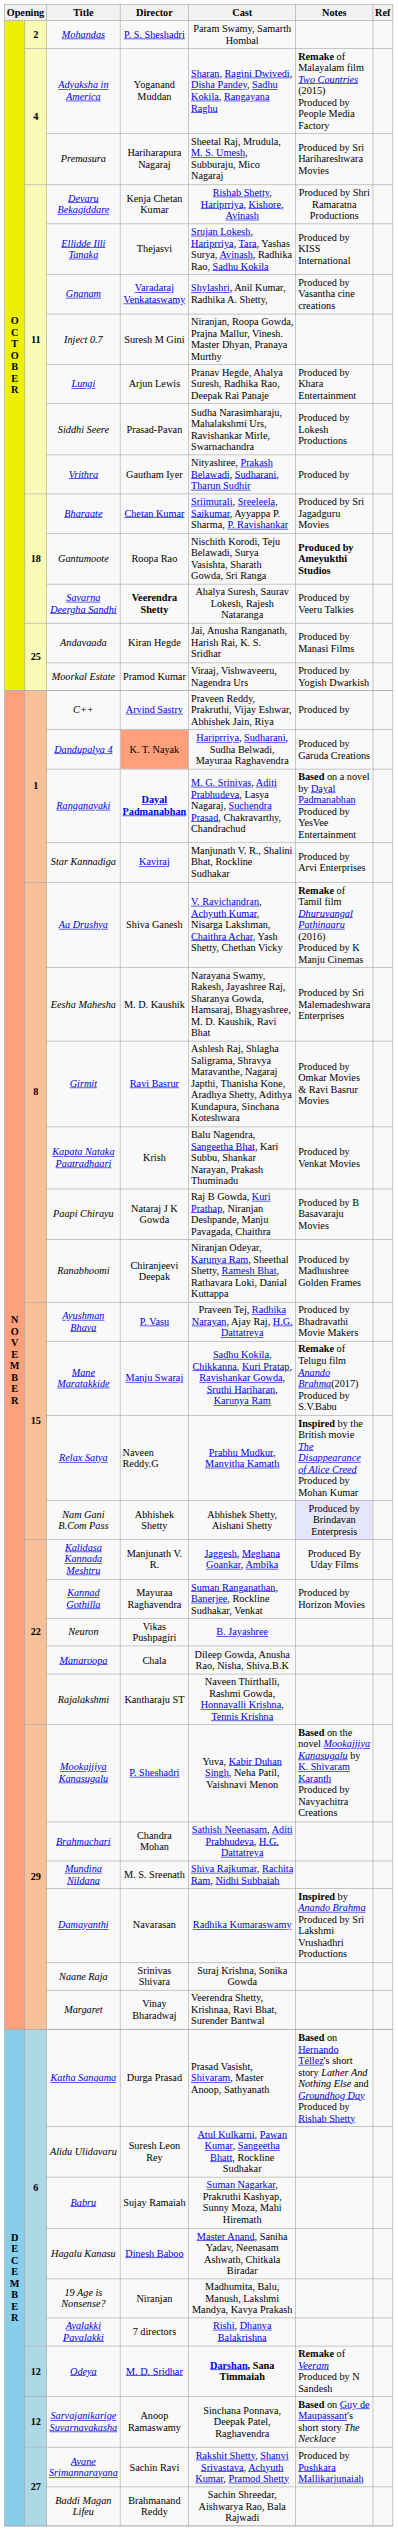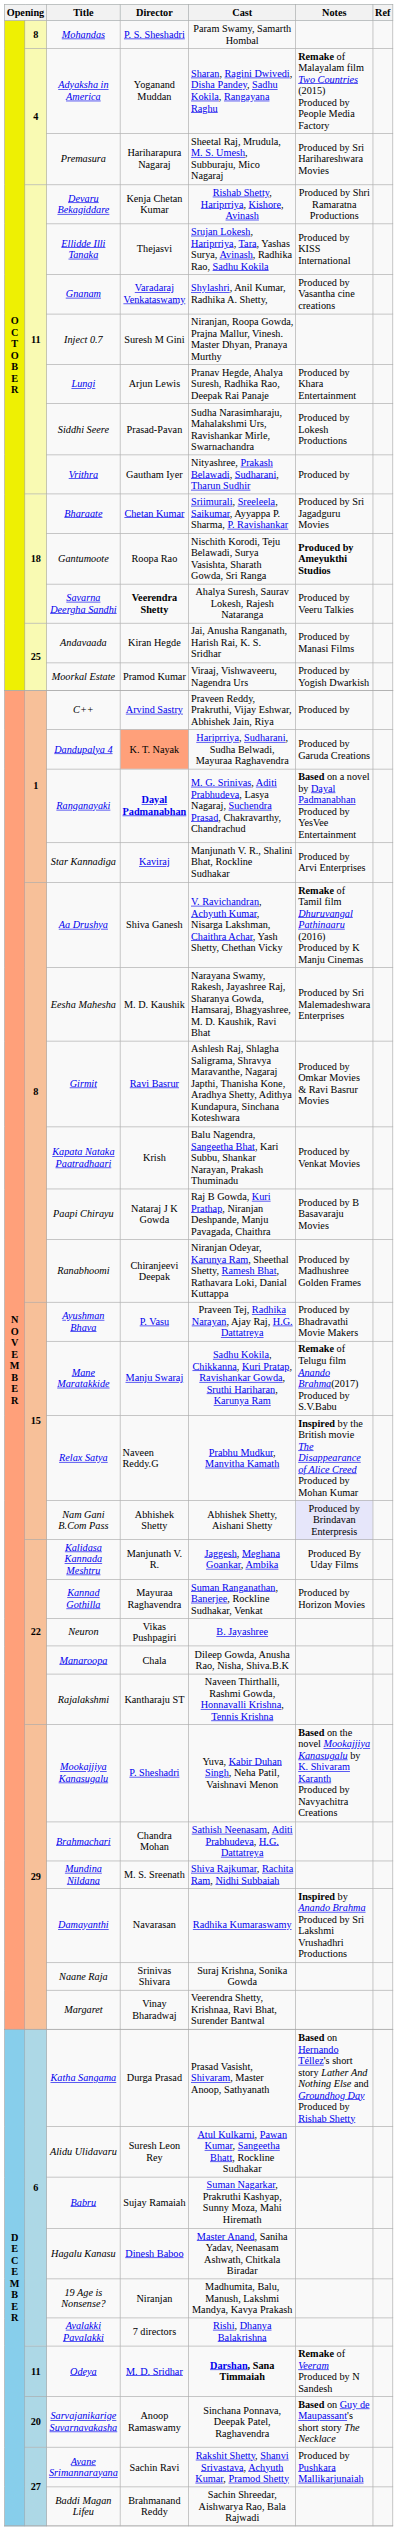 <table class="wikitable sortable">
 <tr style="background:#b0e0e6; text-align:center;">
 <th colspan="2" style="width:6%;"><strong>Opening</strong></th>
 <th style="width:18%;"><strong>Title</strong></th>
 <th style="width:10%;"><strong>Director</strong></th>
 <th style="width:30%;"><strong>Cast</strong></th>
 <th>Notes</th>
 <th>Ref</th>
 </tr>
 <tr October!>
 <td rowspan="15" style="text-align:center; background:#eef003; textcolor:#000;"><strong>O<br>C<br>T<br>O<br>B<br>E<br>R</strong></td>
-<td style="text-align:center; textcolor:#000;background:#f9fab3;"><strong>2</strong></td>
+<td style="text-align:center; textcolor:#000;background:#f9fab3;"><strong>8</strong></td>
 <td align="center"><em><a href='#'>Mohandas</a></em></td>
 <td align="center"><a href='#'>P. S. Sheshadri</a></td>
 <td align="center">Param Swamy, Samarth Hombal</td>
 <td></td>
 <td></td>
 </tr>
 <tr>
 <td rowspan="2" style="text-align:center; textcolor:#000;background:#f9fab3;"><strong>4</strong></td>
 <td align="center"><em><a href='#'>Adyaksha in America</a></em></td>
 <td align="center">Yoganand Muddan</td>
 <td><a href='#'>Sharan</a>, <a href='#'>Ragini Dwivedi</a>, <a href='#'>Disha Pandey</a>, <a href='#'>Sadhu Kokila</a>, <a href='#'>Rangayana Raghu</a></td>
 <td><strong>Remake</strong> of Malayalam film <em><a href='#'>Two Countries</a></em> (2015) <br> Produced by People Media Factory</td>
 <td align="center"></td>
 </tr>
 <tr>
 <td align="center"><em>Premasura</em></td>
 <td align="center">Hariharapura Nagaraj</td>
 <td>Sheetal Raj, Mrudula, <a href='#'>M. S. Umesh</a>, Subburaju, Mico Nagaraj</td>
 <td>Produced by Sri Harihareshwara Movies</td>
 <td align="center"></td>
 </tr>
 <tr>
 <td rowspan="7" style="text-align:center; textcolor:#000;background:#f9fab3;"><strong>11</strong></td>
 <td align="center"><em><a href='#'>Devaru Bekagiddare</a></em></td>
 <td align="center">Kenja Chetan Kumar</td>
 <td align="center"><a href='#'>Rishab Shetty</a>, <a href='#'>Hariprriya</a>, <a href='#'>Kishore</a>, <a href='#'>Avinash</a></td>
 <td align="center">Produced by Shri Ramaratna Productions</td>
 <td align="center"></td>
 </tr>
 <tr>
 <td align="center"><em><a href='#'>Ellidde Illi Tanaka</a></em></td>
 <td align="center">Thejasvi</td>
 <td><a href='#'>Srujan Lokesh</a>, <a href='#'>Hariprriya</a>, <a href='#'>Tara</a>, Yashas Surya, <a href='#'>Avinash</a>, Radhika Rao, <a href='#'>Sadhu Kokila</a></td>
 <td>Produced by KISS International</td>
 <td align="center"></td>
 </tr>
 <tr>
 <td align="center"><a href='#'><em>Gnanam</em></a></td>
 <td align="center"><a href='#'>Varadaraj Venkataswamy</a></td>
 <td><a href='#'>Shylashri</a>, Anil Kumar, Radhika A. Shetty,</td>
 <td>Produced by Vasantha cine creations</td>
 <td align="center"></td>
 </tr>
 <tr>
 <td align="center"><em>Inject 0.7</em></td>
 <td align="center">Suresh M Gini</td>
 <td>Niranjan, Roopa Gowda, Prajna Mallur, Vinesh. Master Dhyan, Pranaya Murthy</td>
 <td></td>
 <td align="center"></td>
 </tr>
 <tr>
 <td align="center"><a href='#'><em>Lungi</em></a></td>
 <td align="center">Arjun Lewis</td>
 <td>Pranav Hegde, Ahalya Suresh, Radhika Rao, Deepak Rai Panaje</td>
 <td>Produced by Khara Entertainment</td>
 <td align="center"></td>
 </tr>
 <tr>
 <td align="center"><em>Siddhi Seere</em></td>
 <td align="center">Prasad-Pavan</td>
 <td>Sudha Narasimharaju, Mahalakshmi Urs, Ravishankar Mirle, Swarnachandra</td>
 <td>Produced by Lokesh Productions</td>
 <td align="center"></td>
 </tr>
 <tr>
 <td align="center"><em><a href='#'>Vrithra</a></em></td>
 <td align="center">Gautham Iyer</td>
 <td>Nityashree, <a href='#'>Prakash Belawadi</a>, <a href='#'>Sudharani</a>, <a href='#'>Tharun Sudhir</a></td>
 <td>Produced by</td>
 <td align="center"></td>
 </tr>
 <tr>
 <td rowspan="3" style="text-align:center; textcolor:#000;background:#f9fab3;"><strong>18</strong></td>
 <td align="center"><em><a href='#'>Bharaate</a></em></td>
 <td align="center"><a href='#'>Chetan Kumar</a></td>
 <td><a href='#'>Sriimurali</a>, <a href='#'>Sreeleela</a>, <a href='#'>Saikumar</a>, Ayyappa P. Sharma, <a href='#'>P. Ravishankar</a></td>
 <td>Produced by Sri Jagadguru Movies</td>
 <td align="center"></td>
 </tr>
 <tr>
 <td align="center"><em>Gantumoote</em></td>
 <td align="center">Roopa Rao</td>
 <td>Nischith Korodi, Teju Belawadi, Surya Vasishta, Sharath Gowda, Sri Ranga</td>
 <td><strong>Produced by Ameyukthi Studios</strong></td>
 <td align="center"></td>
 </tr>
 <tr>
 <td align="center"><em><a href='#'>Savarna Deergha Sandhi</a></em></td>
 <td align="center"><strong>Veerendra Shetty</strong></td>
 <td align="center">Ahalya Suresh, Saurav Lokesh, Rajesh Nataranga</td>
 <td>Produced by Veeru Talkies</td>
 <td align="center"></td>
 </tr>
 <tr>
 <td rowspan="2" style="text-align:center; textcolor:#000;background:#f9fab3;"><strong>25</strong></td>
 <td align="center"><em>Andavaada</em></td>
 <td align="center">Kiran Hegde</td>
 <td>Jai, Anusha Ranganath, Harish Rai, K. S. Sridhar</td>
 <td>Produced by Manasi Films</td>
 <td align="center"></td>
 </tr>
 <tr>
 <td align="center"><em>Moorkal Estate</em></td>
 <td align="center">Pramod Kumar</td>
 <td>Viraaj, Vishwaveeru, Nagendra Urs</td>
 <td>Produced by Yogish Dwarkish</td>
 <td align="center"></td>
 </tr>
 <tr>
 </tr>
 <tr November!>
 <td rowspan="25" style="text-align:center; background:#ffa07a; textcolor:#000;"><strong>N<br>O<br>V<br>E<br>M<br>B<br>E<br>R</strong></td>
 <td rowspan="4" style="text-align:center; textcolor:#000;background:#F7C099;"><strong>1</strong></td>
 <td align="center"><em>C++</em></td>
 <td align="center"><a href='#'>Arvind Sastry</a></td>
 <td>Praveen Reddy, Prakruthi, Vijay Eshwar, Abhishek Jain, Riya</td>
 <td>Produced by</td>
 <td align="center"></td>
 </tr>
 <tr>
 <td align="center"><em><a href='#'>Dandupalya 4</a></em></td>
 <td align="center" style="background: lightsalmon;">K. T. Nayak</td>
 <td align="center"><a href='#'>Hariprriya</a>, <a href='#'>Sudharani</a>, Sudha Belwadi, Mayuraa Raghavendra</td>
 <td>Produced by Garuda Creations</td>
 <td align="center"></td>
 </tr>
 <tr>
 <td align="center"><em><a href='#'>Ranganayaki</a></em></td>
 <td align="center"><strong><a href='#'>Dayal Padmanabhan</a></strong></td>
 <td><a href='#'>M. G. Srinivas</a>, <a href='#'>Aditi Prabhudeva</a>, Lasya Nagaraj, <a href='#'>Suchendra Prasad</a>, Chakravarthy, Chandrachud</td>
 <td><strong>Based</strong> on a novel by <a href='#'>Dayal Padmanabhan</a><br>Produced by YesVee Entertainment</td>
 <td align="center"></td>
 </tr>
 <tr>
 <td align="center"><em>Star Kannadiga</em></td>
 <td align="center"><a href='#'>Kaviraj</a></td>
 <td>Manjunath V. R., Shalini Bhat, Rockline Sudhakar</td>
 <td>Produced by Arvi Enterprises</td>
 <td align="center"></td>
 </tr>
 <tr>
 <td rowspan="6" style="text-align:center; textcolor:#000;background:#F7C099;"><strong>8</strong></td>
 <td align="center"><em><a href='#'>Aa Drushya</a></em></td>
 <td align="center">Shiva Ganesh</td>
 <td><a href='#'>V. Ravichandran</a>, <a href='#'>Achyuth Kumar</a>, Nisarga Lakshman, <a href='#'>Chaithra Achar</a>, Yash Shetty, Chethan Vicky</td>
 <td><strong>Remake</strong> of Tamil film <em><a href='#'>Dhuruvangal Pathinaaru</a></em> (2016) <br> Produced by K Manju Cinemas</td>
 <td align="center"></td>
 </tr>
 <tr>
 <td align="center"><em>Eesha Mahesha</em></td>
 <td align="center">M. D. Kaushik</td>
 <td>Narayana Swamy, Rakesh, Jayashree Raj, Sharanya Gowda, Hamsaraj, Bhagyashree, M. D. Kaushik, Ravi Bhat</td>
 <td>Produced by Sri Malemadeshwara Enterprises</td>
 <td align="center"></td>
 </tr>
 <tr>
 <td align="center"><em><a href='#'>Girmit</a></em></td>
 <td align="center"><a href='#'>Ravi Basrur</a></td>
 <td>Ashlesh Raj, Shlagha Saligrama, Shravya Maravanthe, Nagaraj Japthi, Thanisha Kone, Aradhya Shetty, Adithya Kundapura, Sinchana Koteshwara</td>
 <td>Produced by Omkar Movies & Ravi Basrur Movies</td>
 <td align="center"></td>
 </tr>
 <tr>
 <td align="center"><em><a href='#'>Kapata Nataka Paatradhaari</a></em></td>
 <td align="center">Krish</td>
 <td>Balu Nagendra, <a href='#'>Sangeetha Bhat</a>, Kari Subbu, Shankar Narayan, Prakash Thuminadu</td>
 <td>Produced by Venkat Movies</td>
 <td align="center"></td>
 </tr>
 <tr>
 <td align="center"><em>Paapi Chirayu</em></td>
 <td align="center">Nataraj J K Gowda</td>
 <td>Raj B Gowda, <a href='#'>Kuri Prathap</a>, Niranjan Deshpande, Manju Pavagada, Chaithra</td>
 <td>Produced by B Basavaraju Movies</td>
 <td align="center"></td>
 </tr>
 <tr>
 <td align="center"><em>Ranabhoomi</em></td>
 <td align="center">Chiranjeevi Deepak</td>
 <td>Niranjan Odeyar, <a href='#'>Karunya Ram</a>, Sheethal Shetty, <a href='#'>Ramesh Bhat</a>, Rathavara Loki, Danial Kuttappa</td>
 <td>Produced by Madhushree Golden Frames</td>
 <td align="center"></td>
 </tr>
 <tr>
 <td rowspan="4" style="text-align:center; textcolor:#000;background:#F7C099;"><strong>15</strong></td>
 <td align="center"><em><a href='#'>Ayushman Bhava</a></em></td>
 <td align="center"><a href='#'>P. Vasu</a></td>
 <td align="center">Praveen Tej, <a href='#'>Radhika Narayan</a>, Ajay Raj, <a href='#'>H.G. Dattatreya</a></td>
 <td>Produced by Bhadravathi Movie Makers</td>
 <td align="center"></td>
 </tr>
 <tr>
 <td align="center"><em><a href='#'>Mane Maratakkide</a></em></td>
 <td align="center"><a href='#'>Manju Swaraj</a></td>
 <td align="center"><a href='#'>Sadhu Kokila</a>, <a href='#'>Chikkanna</a>, <a href='#'>Kuri Pratap</a>, <a href='#'>Ravishankar Gowda</a>, <a href='#'>Sruthi Hariharan</a>, <a href='#'>Karunya Ram</a></td>
 <td align="left"><strong>Remake</strong> of Telugu film <em><a href='#'>Anando Brahma</a></em>(2017)<br>Produced by S.V.Babu</td>
 <td align="center"></td>
 </tr>
 <tr>
 <td align="center"><em><a href='#'>Relax Satya</a></em></td>
 <td>Naveen Reddy.G</td>
 <td align="center"><a href='#'>Prabhu Mudkur</a>, <a href='#'>Manvitha Kamath</a></td>
 <td align="left"><strong>Inspired</strong> by the British movie <em><a href='#'>The Disappearance of Alice Creed</a></em> <br> Produced by Mohan Kumar</td>
 <td align="center"></td>
 </tr>
 <tr>
 <td align="center"><em>Nam Gani B.Com Pass</em></td>
 <td align="center">Abhishek Shetty</td>
 <td align="center">Abhishek Shetty, Aishani Shetty</td>
 <td align="center" style="background: lavender;">Produced by Brindavan Enterpresis</td>
 <td align="center"></td>
 </tr>
 <tr>
 <td rowspan="5" style="text-align:center; textcolor:#000;background:#F7C099;"><strong>22</strong></td>
 <td align="center"><em><a href='#'>Kalidasa Kannada Meshtru</a></em></td>
 <td align="center">Manjunath V. R.</td>
 <td align="center"><a href='#'>Jaggesh</a>, <a href='#'>Meghana Goankar</a>, <a href='#'>Ambika</a></td>
 <td align="center">Produced By Uday Films</td>
 <td align="center"></td>
 </tr>
 <tr>
 <td align="center"><em><a href='#'>Kannad Gothilla</a></em></td>
 <td align="center">Mayuraa Raghavendra</td>
 <td><a href='#'>Suman Ranganathan</a>, <a href='#'>Banerjee</a>, Rockline Sudhakar, Venkat</td>
 <td>Produced by Horizon Movies</td>
 <td align="center"></td>
 </tr>
 <tr>
 <td align="center"><em>Neuron</em></td>
 <td align="center">Vikas Pushpagiri</td>
 <td align="center"><a href='#'>B. Jayashree</a></td>
 <td></td>
 <td align="center"></td>
 </tr>
 <tr>
 <td align="center"><em><a href='#'>Manaroopa</a></em></td>
 <td align="center">Chala</td>
 <td align="center">Dileep Gowda, Anusha Rao, Nisha, Shiva.B.K</td>
 <td></td>
 <td align="center"></td>
 </tr>
 <tr>
 <td align="center"><em>Rajalakshmi</em></td>
 <td align="center">Kantharaju ST</td>
 <td align="center">Naveen Thirthalli, Rashmi Gowda, <a href='#'>Honnavalli Krishna</a>, <a href='#'>Tennis Krishna</a></td>
 <td></td>
 <td align="center"></td>
 </tr>
 <tr>
 <td rowspan="6" style="text-align:center; textcolor:#000;background:#F7C099;"><strong>29</strong></td>
 <td align="center"><em><a href='#'>Mookajjiya Kanasugalu</a></em></td>
 <td align="center"><a href='#'>P. Sheshadri</a></td>
 <td align="center">Yuva, <a href='#'>Kabir Duhan Singh</a>, Neha Patil, Vaishnavi Menon</td>
 <td align="left"><strong>Based</strong> on the novel <em><a href='#'>Mookajjiya Kanasugalu</a></em> by <a href='#'>K. Shivaram Karanth</a><br>Produced by Navyachitra Creations</td>
 <td align="center"></td>
 </tr>
 <tr>
 <td align="center"><a href='#'><em>Brahmachari</em></a></td>
 <td align="center">Chandra Mohan</td>
 <td align="center"><a href='#'>Sathish Neenasam</a>, <a href='#'>Aditi Prabhudeva</a>, <a href='#'>H.G. Dattatreya</a></td>
 <td></td>
 <td align="center"></td>
 </tr>
 <tr>
 <td align="center"><em><a href='#'>Mundina Nildana</a></em></td>
 <td align="center">M. S. Sreenath</td>
 <td><a href='#'>Shiva Rajkumar</a>, <a href='#'>Rachita Ram</a>, <a href='#'>Nidhi Subbaiah</a></td>
 <td></td>
 <td align="center"></td>
 </tr>
 <tr>
 <td align="center"><em><a href='#'>Damayanthi</a></em></td>
 <td align="center">Navarasan</td>
 <td align="center"><a href='#'>Radhika Kumaraswamy</a></td>
 <td align="left"><strong>Inspired</strong> by <em><a href='#'>Anando Brahma</a></em><br>Produced by Sri Lakshmi Vrushadhri Productions</td>
 <td align="center"></td>
 </tr>
 <tr>
 <td align="center"><em>Naane Raja</em></td>
 <td align="center">Srinivas Shivara</td>
 <td align="center">Suraj Krishna, Sonika Gowda</td>
 <td></td>
 <td align="center"></td>
 </tr>
 <tr>
 <td align="center"><em>Margaret</em></td>
 <td align="center">Vinay Bharadwaj</td>
 <td>Veerendra Shetty, Krishnaa, Ravi Bhat, Surender Bantwal</td>
 <td></td>
 <td align="center"></td>
 </tr>
 <tr>
 </tr>
 <tr December!>
 <td rowspan="10" style="text-align:center; background:skyBlue; textcolor:#000;"><strong>D<br>E<br>C<br>E<br>M<br>B<br>E<br>R</strong></td>
 <td rowspan="6" style="text-align:center; textcolor:#000; background:#ADD8E6;"><strong>6</strong></td>
 <td align="center"><em><a href='#'>Katha Sangama</a></em></td>
 <td align="center">Durga Prasad</td>
 <td>Prasad Vasisht, <a href='#'>Shivaram</a>, Master Anoop, Sathyanath</td>
 <td align="left"><strong>Based</strong> on <a href='#'>Hernando Téllez</a>'s short story <em>Lather And Nothing Else</em> and <em><a href='#'>Groundhog Day</a></em> <br> Produced by <a href='#'>Rishab Shetty</a></td>
 <td align="center"></td>
 </tr>
 <tr>
 <td align="center"><em>Alidu Ulidavaru</em></td>
 <td align="center">Suresh Leon Rey</td>
 <td align="center"><a href='#'>Atul Kulkarni</a>, <a href='#'>Pawan Kumar</a>, <a href='#'>Sangeetha Bhatt</a>, Rockline Sudhakar</td>
 <td></td>
 <td align="center"></td>
 </tr>
 <tr>
 <td align="center"><em><a href='#'>Babru</a></em></td>
 <td align="center">Sujay Ramaiah</td>
 <td align="center"><a href='#'>Suman Nagarkar</a>, Prakruthi Kashyap, Sunny Moza, Mahi Hiremath</td>
 <td></td>
 <td align="center"></td>
 </tr>
 <tr>
 <td align="center"><em>Hagalu Kanasu</em></td>
 <td align="center"><a href='#'>Dinesh Baboo</a></td>
 <td align="center"><a href='#'>Master Anand</a>, Saniha Yadav, Neenasam Ashwath, Chitkala Biradar</td>
 <td></td>
 <td align="center"></td>
 </tr>
 <tr>
 <td align="center"><em>19 Age is Nonsense?</em></td>
 <td align="center">Niranjan</td>
 <td align="center">Madhumita, Balu, Manush, Lakshmi Mandya, Kavya Prakash</td>
 <td></td>
 <td align="center"></td>
 </tr>
 <tr>
 <td align="center"><em><a href='#'>Avalakki Pavalakki</a></em></td>
 <td align="center">7 directors</td>
 <td align="center"><a href='#'>Rishi</a>, <a href='#'>Dhanya Balakrishna</a></td>
 <td></td>
 <td></td>
 </tr>
 <tr>
-<td rowspan="1" style="text-align:center; textcolor:#000; background:#ADD8E6;"><strong>12</strong></td>
+<td rowspan="1" style="text-align:center; textcolor:#000; background:#ADD8E6;"><strong>11</strong></td>
 <td align="center"><em><a href='#'>Odeya</a></em></td>
 <td align="center"><a href='#'>M. D. Sridhar</a></td>
 <td align="center"><strong><a href='#'>Darshan</a>, Sana Timmaiah</strong></td>
 <td align="left"><strong>Remake</strong> of <em><a href='#'>Veeram</a></em> <br> Produced by N Sandesh</td>
 <td align="center"></td>
 </tr>
 <tr>
-<td rowspan="1" style="text-align:center; textcolor:#000; background:#ADD8E6;"><strong>12</strong></td>
+<td rowspan="1" style="text-align:center; textcolor:#000; background:#ADD8E6;"><strong>20</strong></td>
 <td align="center"><em><a href='#'>Sarvajanikarige Suvarnavakasha</a></em></td>
 <td align="center">Anoop Ramaswamy</td>
 <td align="center">Sinchana Ponnava, Deepak Patel, Raghavendra</td>
 <td align="left"><strong>Based</strong> on <a href='#'>Guy de Maupassant</a>'s short story <em>The Necklace</em></td>
 <td align="center"></td>
 </tr>
 <tr>
 <td rowspan="2" style="text-align:center; textcolor:#000; background:#ADD8E6;"><strong>27</strong></td>
 <td align="center"><em><a href='#'>Avane Srimannarayana</a></em></td>
 <td align="center">Sachin Ravi</td>
 <td align="center"><a href='#'>Rakshit Shetty</a>, <a href='#'>Shanvi Srivastava</a>, <a href='#'>Achyuth Kumar</a>, <a href='#'>Pramod Shetty</a></td>
 <td align="left">Produced by <a href='#'>Pushkara Mallikarjunaiah</a></td>
 <td align="center"></td>
 </tr>
 <tr>
 <td align="center"><em>Baddi Magan Lifeu</em></td>
 <td align="center">Brahmanand Reddy</td>
 <td align="center">Sachin Shreedar, Aishwarya Rao, Bala Rajwadi</td>
 <td></td>
 <td align="center"></td>
 </tr>
 <tr>
 </tr>
 </table>
